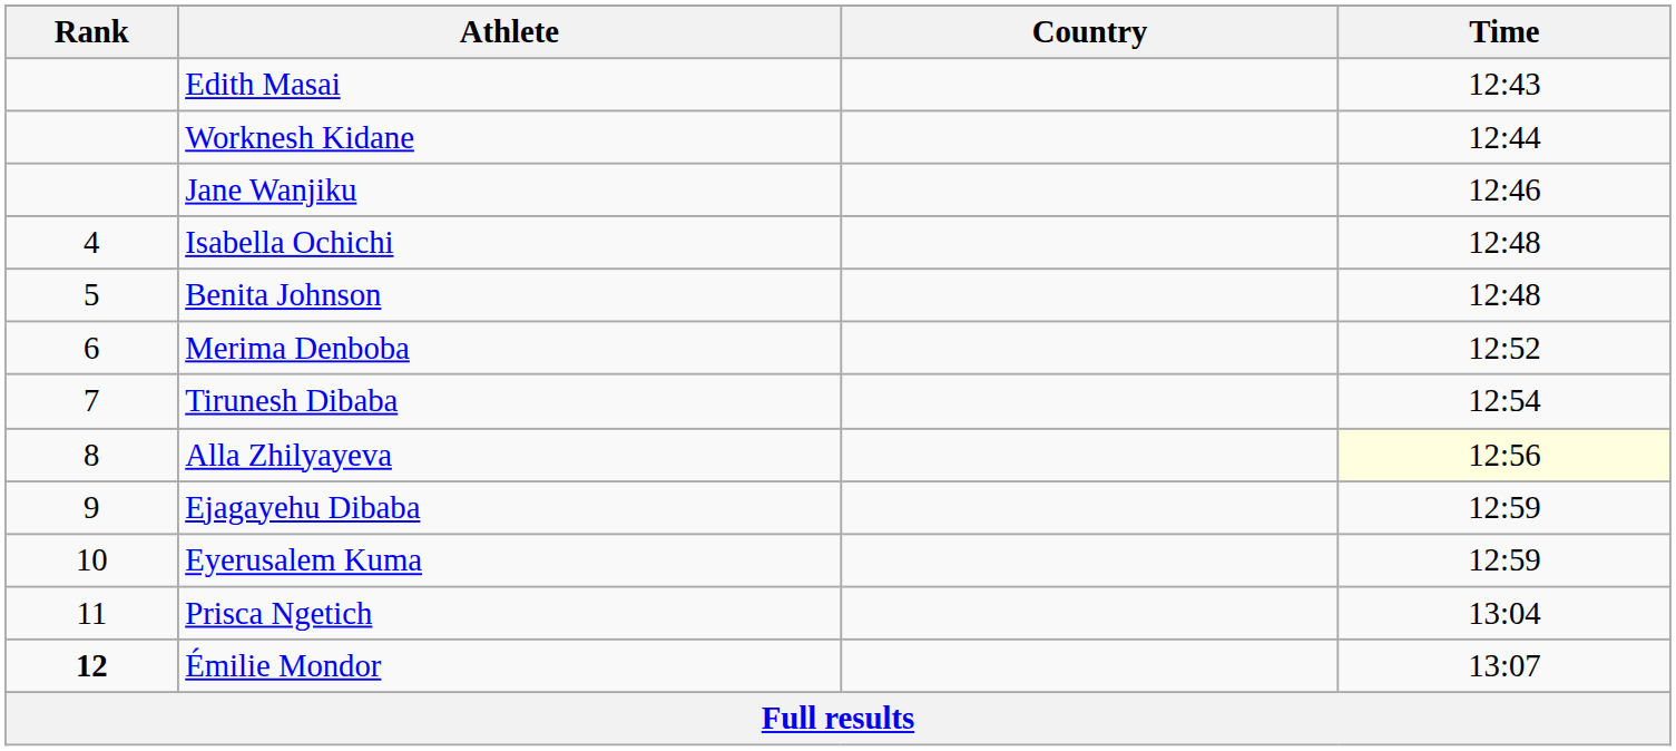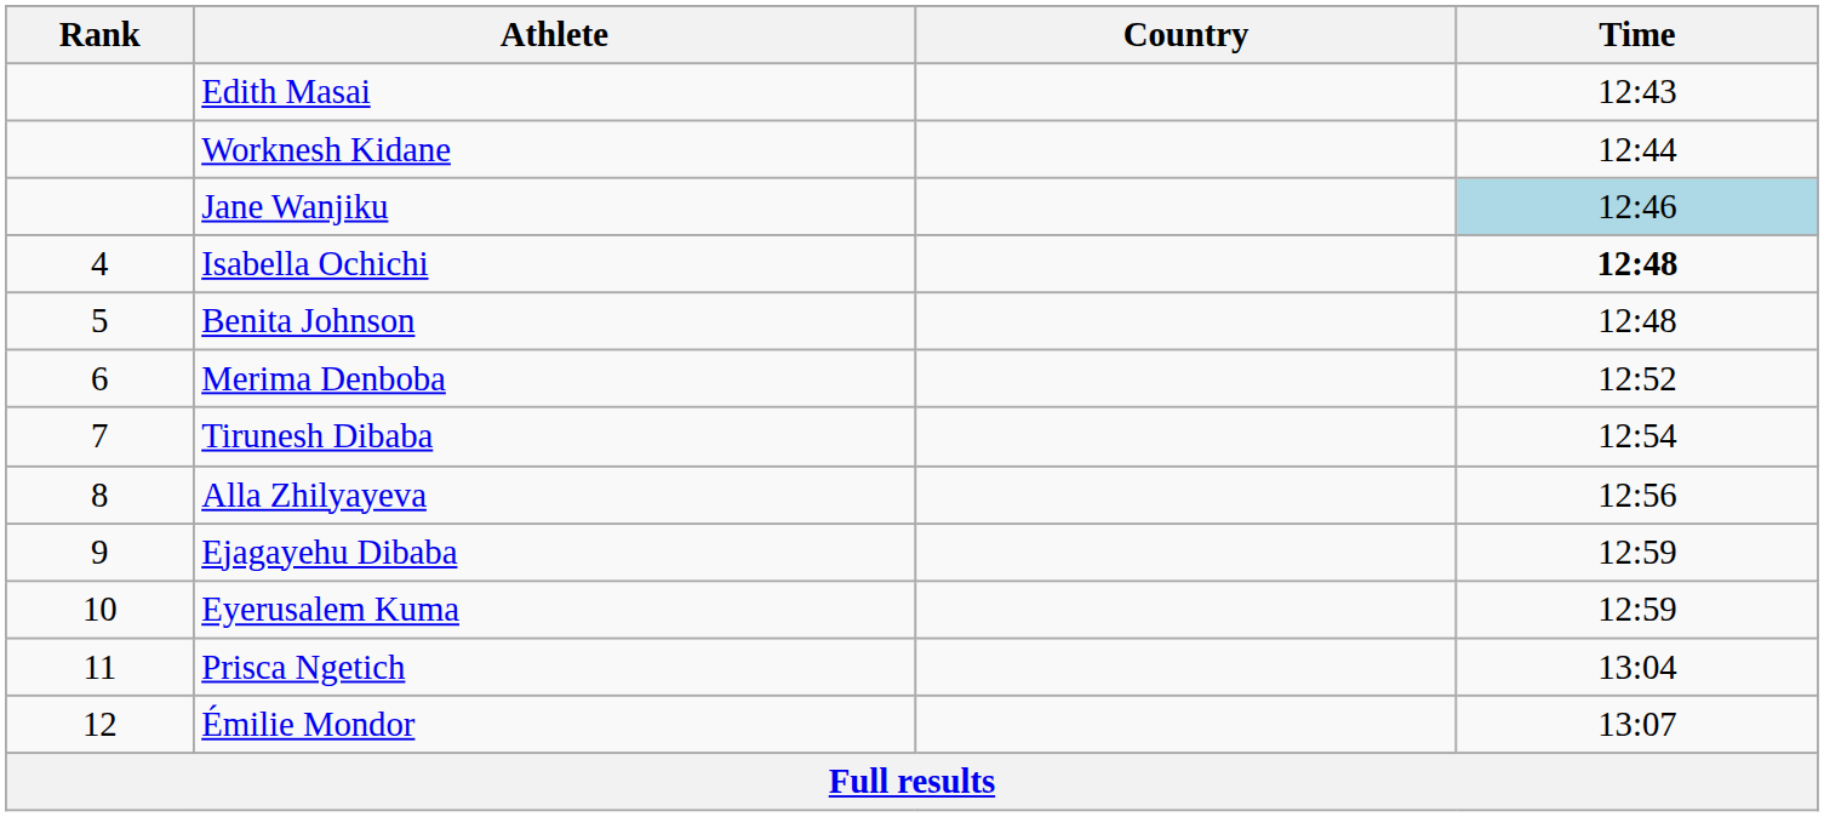 <table class="wikitable sortable" style=" text-align:center; font-size:95%;" width="50%">
 <tr>
 </tr>
 <tr>
 <th width=5%>Rank</th>
 <th width=20%>Athlete</th>
 <th width=15%>Country</th>
 <th width=10%>Time</th>
 </tr>
 <tr>
 <td align=center></td>
 <td align=left><a href='#'>Edith Masai</a></td>
 <td align=left></td>
 <td>12:43</td>
 </tr>
 <tr>
 <td align=center></td>
 <td align=left><a href='#'>Worknesh Kidane</a></td>
 <td align=left></td>
 <td>12:44</td>
 </tr>
 <tr>
 <td align=center></td>
 <td align=left><a href='#'>Jane Wanjiku</a></td>
 <td align=left></td>
-<td>12:46</td>
+<td style="background: lightblue;">12:46</td>
 </tr>
 <tr>
 <td align=center>4</td>
 <td align=left><a href='#'>Isabella Ochichi</a></td>
 <td align=left></td>
-<td>12:48</td>
+<td><strong>12:48</strong></td>
 </tr>
 <tr>
 <td align=center>5</td>
 <td align=left><a href='#'>Benita Johnson</a></td>
 <td align=left></td>
 <td>12:48</td>
 </tr>
 <tr>
 <td align=center>6</td>
 <td align=left><a href='#'>Merima Denboba</a></td>
 <td align=left></td>
 <td>12:52</td>
 </tr>
 <tr>
 <td align=center>7</td>
 <td align=left><a href='#'>Tirunesh Dibaba</a></td>
 <td align=left></td>
 <td>12:54</td>
 </tr>
 <tr>
 <td align=center>8</td>
 <td align=left><a href='#'>Alla Zhilyayeva</a></td>
 <td align=left></td>
-<td style="background: lightyellow;">12:56</td>
+<td>12:56</td>
 </tr>
 <tr>
 <td align=center>9</td>
 <td align=left><a href='#'>Ejagayehu Dibaba</a></td>
 <td align=left></td>
 <td>12:59</td>
 </tr>
 <tr>
 <td align=center>10</td>
 <td align=left><a href='#'>Eyerusalem Kuma</a></td>
 <td align=left></td>
 <td>12:59</td>
 </tr>
 <tr>
 <td align=center>11</td>
 <td align=left><a href='#'>Prisca Ngetich</a></td>
 <td align=left></td>
 <td>13:04</td>
 </tr>
 <tr>
-<td align=center><strong>12</strong></td>
+<td align=center>12</td>
 <td align=left><a href='#'>Émilie Mondor</a></td>
 <td align=left></td>
 <td>13:07</td>
 </tr>
 <tr class="sortbottom">
 <th colspan=4 align=center><a href='#'>Full results</a></th>
 </tr>
 </table>
